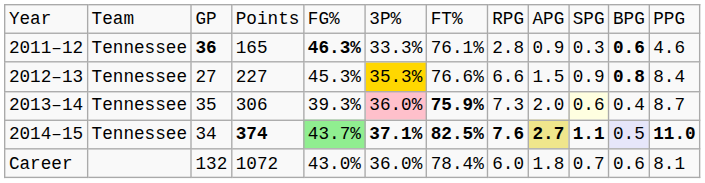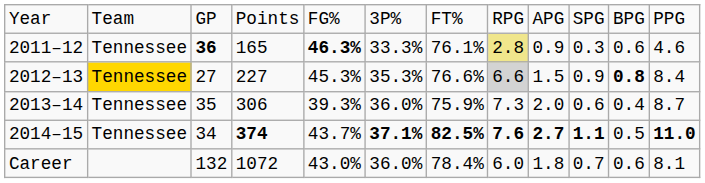 <table class="wikitable">
 <tr>
 <td>Year</td>
 <td>Team</td>
 <td>GP</td>
 <td>Points</td>
 <td>FG%</td>
 <td>3P%</td>
 <td>FT%</td>
 <td>RPG</td>
 <td>APG</td>
 <td>SPG</td>
 <td>BPG</td>
 <td>PPG</td>
 </tr>
 <tr>
 <td>2011–12</td>
 <td>Tennessee</td>
 <td><strong>36</strong></td>
 <td>165</td>
 <td><strong>46.3%</strong></td>
 <td>33.3%</td>
 <td>76.1%</td>
-<td>2.8</td>
+<td style="background: khaki;">2.8</td>
 <td>0.9</td>
 <td>0.3</td>
-<td><strong>0.6</strong></td>
+<td>0.6</td>
 <td>4.6</td>
 </tr>
 <tr>
 <td>2012–13</td>
-<td>Tennessee</td>
+<td style="background: gold;">Tennessee</td>
 <td>27</td>
 <td>227</td>
 <td>45.3%</td>
-<td style="background: gold;">35.3%</td>
+<td>35.3%</td>
 <td>76.6%</td>
-<td>6.6</td>
+<td style="background: lightgrey;">6.6</td>
 <td>1.5</td>
 <td>0.9</td>
 <td><strong>0.8</strong></td>
 <td>8.4</td>
 </tr>
 <tr>
 <td>2013–14</td>
 <td>Tennessee</td>
 <td>35</td>
 <td>306</td>
 <td>39.3%</td>
-<td style="background: pink;">36.0%</td>
-<td><strong>75.9%</strong></td>
+<td>36.0%</td>
+<td>75.9%</td>
 <td>7.3</td>
 <td>2.0</td>
-<td style="background: lightyellow;">0.6</td>
+<td>0.6</td>
 <td>0.4</td>
 <td>8.7</td>
 </tr>
 <tr>
 <td>2014–15</td>
 <td>Tennessee</td>
 <td>34</td>
 <td><strong>374</strong></td>
-<td style="background: lightgreen;">43.7%</td>
+<td>43.7%</td>
 <td><strong>37.1%</strong></td>
 <td><strong>82.5%</strong></td>
 <td><strong>7.6</strong></td>
-<td style="background: khaki;"><strong>2.7</strong></td>
+<td><strong>2.7</strong></td>
 <td><strong>1.1</strong></td>
-<td style="background: lavender;">0.5</td>
+<td>0.5</td>
 <td><strong>11.0</strong></td>
 </tr>
 <tr>
 <td>Career</td>
 <td></td>
 <td>132</td>
 <td>1072</td>
 <td>43.0%</td>
 <td>36.0%</td>
 <td>78.4%</td>
 <td>6.0</td>
 <td>1.8</td>
 <td>0.7</td>
 <td>0.6</td>
 <td>8.1</td>
 </tr>
 </table>
